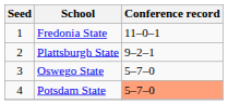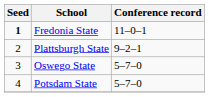 <table class="wikitable">
 <tr>
 <th>Seed</th>
 <th>School</th>
 <th>Conference record</th>
 </tr>
 <tr>
-<td align=center>1</td>
+<td align=center><strong>1</strong></td>
 <td><a href='#'>Fredonia State</a></td>
 <td>11–0–1</td>
 </tr>
 <tr>
 <td align=center>2</td>
 <td><a href='#'>Plattsburgh State</a></td>
 <td>9–2–1</td>
 </tr>
 <tr>
 <td align=center>3</td>
 <td><a href='#'>Oswego State</a></td>
 <td>5–7–0</td>
 </tr>
 <tr>
 <td align=center>4</td>
 <td><a href='#'>Potsdam State</a></td>
-<td style="background: lightsalmon;">5–7–0</td>
+<td>5–7–0</td>
 </tr>
 <tr>
 </tr>
 </table>
